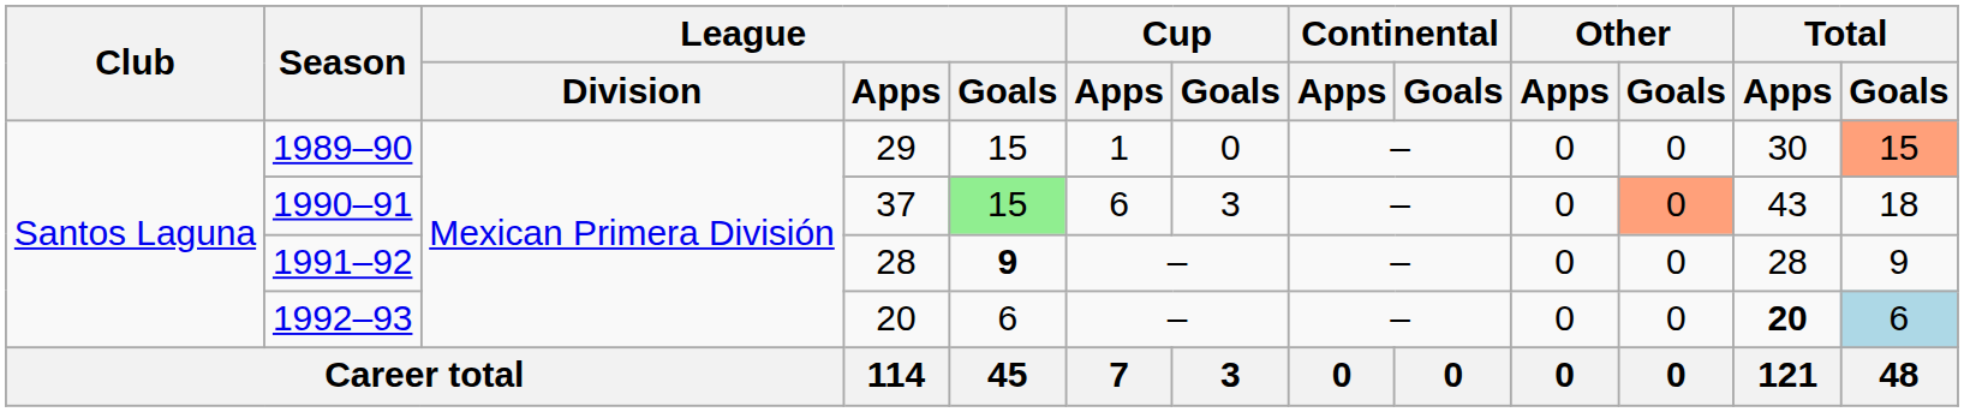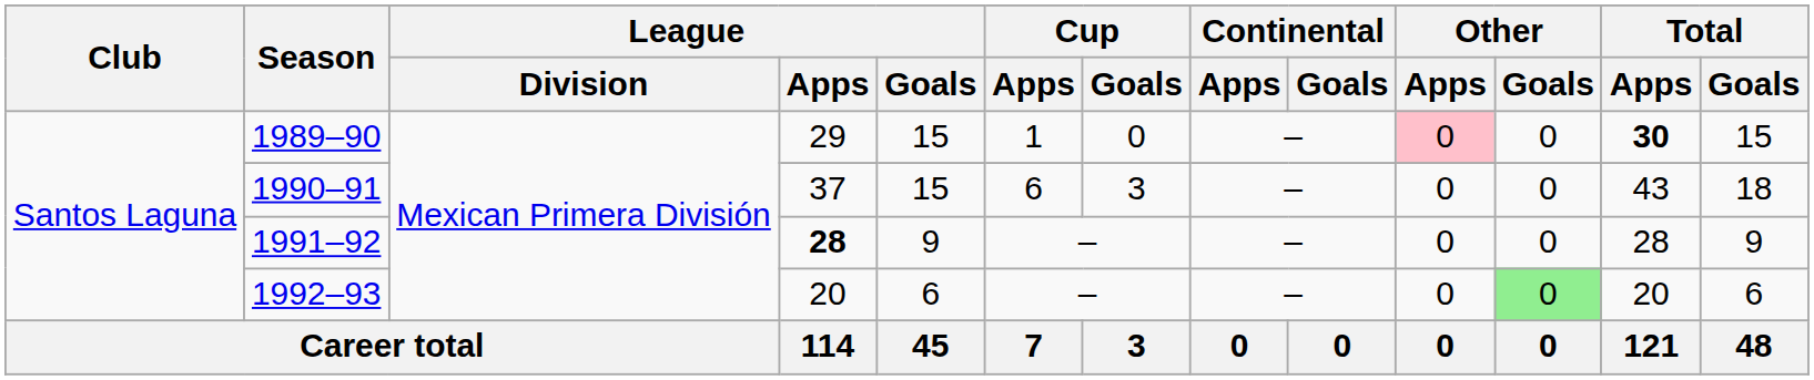 <table class="wikitable" style="text-align: center">
 <tr>
 <th rowspan="2">Club</th>
 <th rowspan="2">Season</th>
 <th colspan="3">League</th>
 <th colspan="2">Cup</th>
 <th colspan="2">Continental</th>
 <th colspan="2">Other</th>
 <th colspan="2">Total</th>
 </tr>
 <tr>
 <th>Division</th>
 <th>Apps</th>
 <th>Goals</th>
 <th>Apps</th>
 <th>Goals</th>
 <th>Apps</th>
 <th>Goals</th>
 <th>Apps</th>
 <th>Goals</th>
 <th>Apps</th>
 <th>Goals</th>
 </tr>
 <tr>
 <td rowspan="4"><a href='#'>Santos Laguna</a></td>
 <td><a href='#'>1989–90</a></td>
 <td rowspan="4"><a href='#'>Mexican Primera División</a></td>
 <td>29</td>
 <td>15</td>
 <td>1</td>
 <td>0</td>
 <td colspan="2">–</td>
+<td style="background: pink;">0</td>
 <td>0</td>
-<td>0</td>
-<td>30</td>
-<td style="background: lightsalmon;">15</td>
+<td><strong>30</strong></td>
+<td>15</td>
 </tr>
 <tr>
 <td><a href='#'>1990–91</a></td>
 <td>37</td>
-<td style="background: lightgreen;">15</td>
+<td>15</td>
 <td>6</td>
 <td>3</td>
 <td colspan="2">–</td>
 <td>0</td>
-<td style="background: lightsalmon;">0</td>
+<td>0</td>
 <td>43</td>
 <td>18</td>
 </tr>
 <tr>
 <td><a href='#'>1991–92</a></td>
-<td>28</td>
-<td><strong>9</strong></td>
+<td><strong>28</strong></td>
+<td>9</td>
 <td colspan="2">–</td>
 <td colspan="2">–</td>
 <td>0</td>
 <td>0</td>
 <td>28</td>
 <td>9</td>
 </tr>
 <tr>
 <td><a href='#'>1992–93</a></td>
 <td>20</td>
 <td>6</td>
 <td colspan="2">–</td>
 <td colspan="2">–</td>
 <td>0</td>
-<td>0</td>
-<td><strong>20</strong></td>
-<td style="background: lightblue;">6</td>
+<td style="background: lightgreen;">0</td>
+<td>20</td>
+<td>6</td>
 </tr>
 <tr>
 <th colspan="3"><strong>Career total</strong></th>
 <th>114</th>
 <th>45</th>
 <th>7</th>
 <th>3</th>
 <th>0</th>
 <th>0</th>
 <th>0</th>
 <th>0</th>
 <th>121</th>
 <th>48</th>
 </tr>
 </table>
